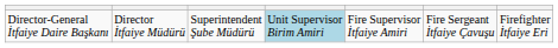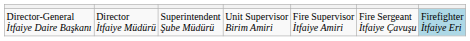 <table class="wikitable">
 <tr>
 <th></th>
 <th></th>
 <th></th>
 <th></th>
 <th></th>
 <th></th>
 <th></th>
 </tr>
 <tr>
 <td>Director-General<br><em>İtfaiye Daire Başkanı</em></td>
 <td>Director<br><em>İtfaiye Müdürü</em></td>
 <td>Superintendent<br><em>Şube Müdürü</em></td>
-<td style="background: lightblue;">Unit Supervisor<br><em>Birim Amiri</em></td>
+<td>Unit Supervisor<br><em>Birim Amiri</em></td>
 <td>Fire Supervisor<br><em>İtfaiye Amiri</em></td>
 <td>Fire Sergeant<br><em>İtfaiye Çavuşu</em></td>
-<td>Firefighter<br><em>İtfaiye Eri</em></td>
+<td style="background: lightblue;">Firefighter<br><em>İtfaiye Eri</em></td>
 </tr>
 </table>
